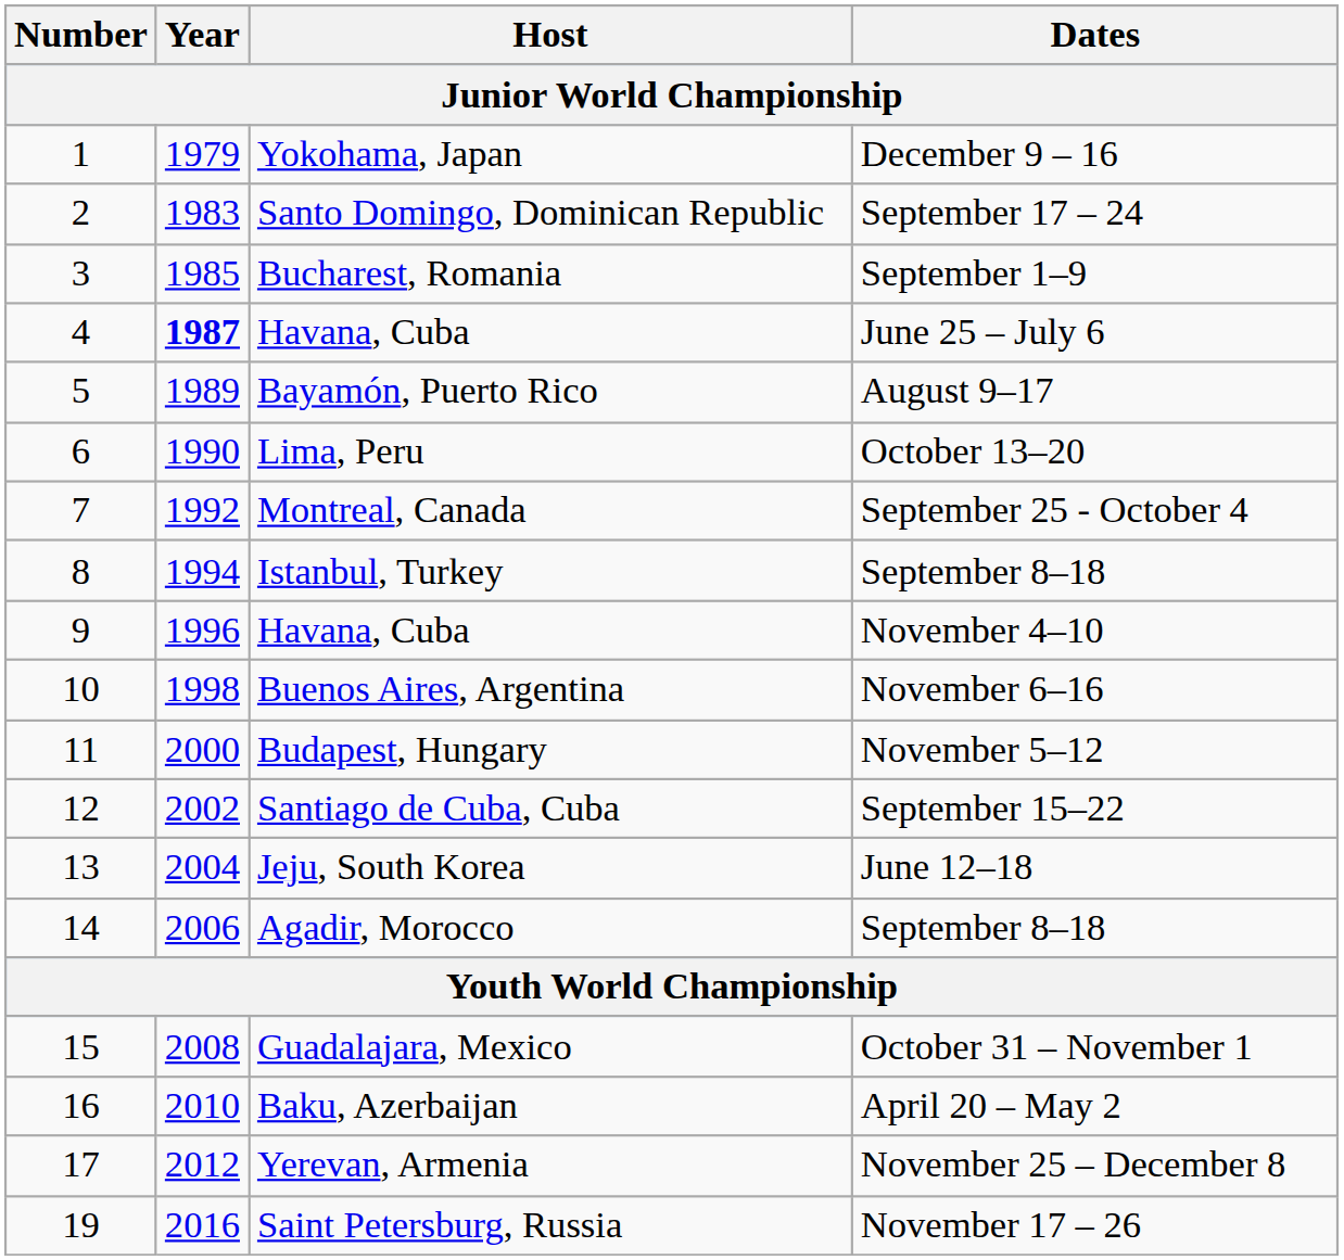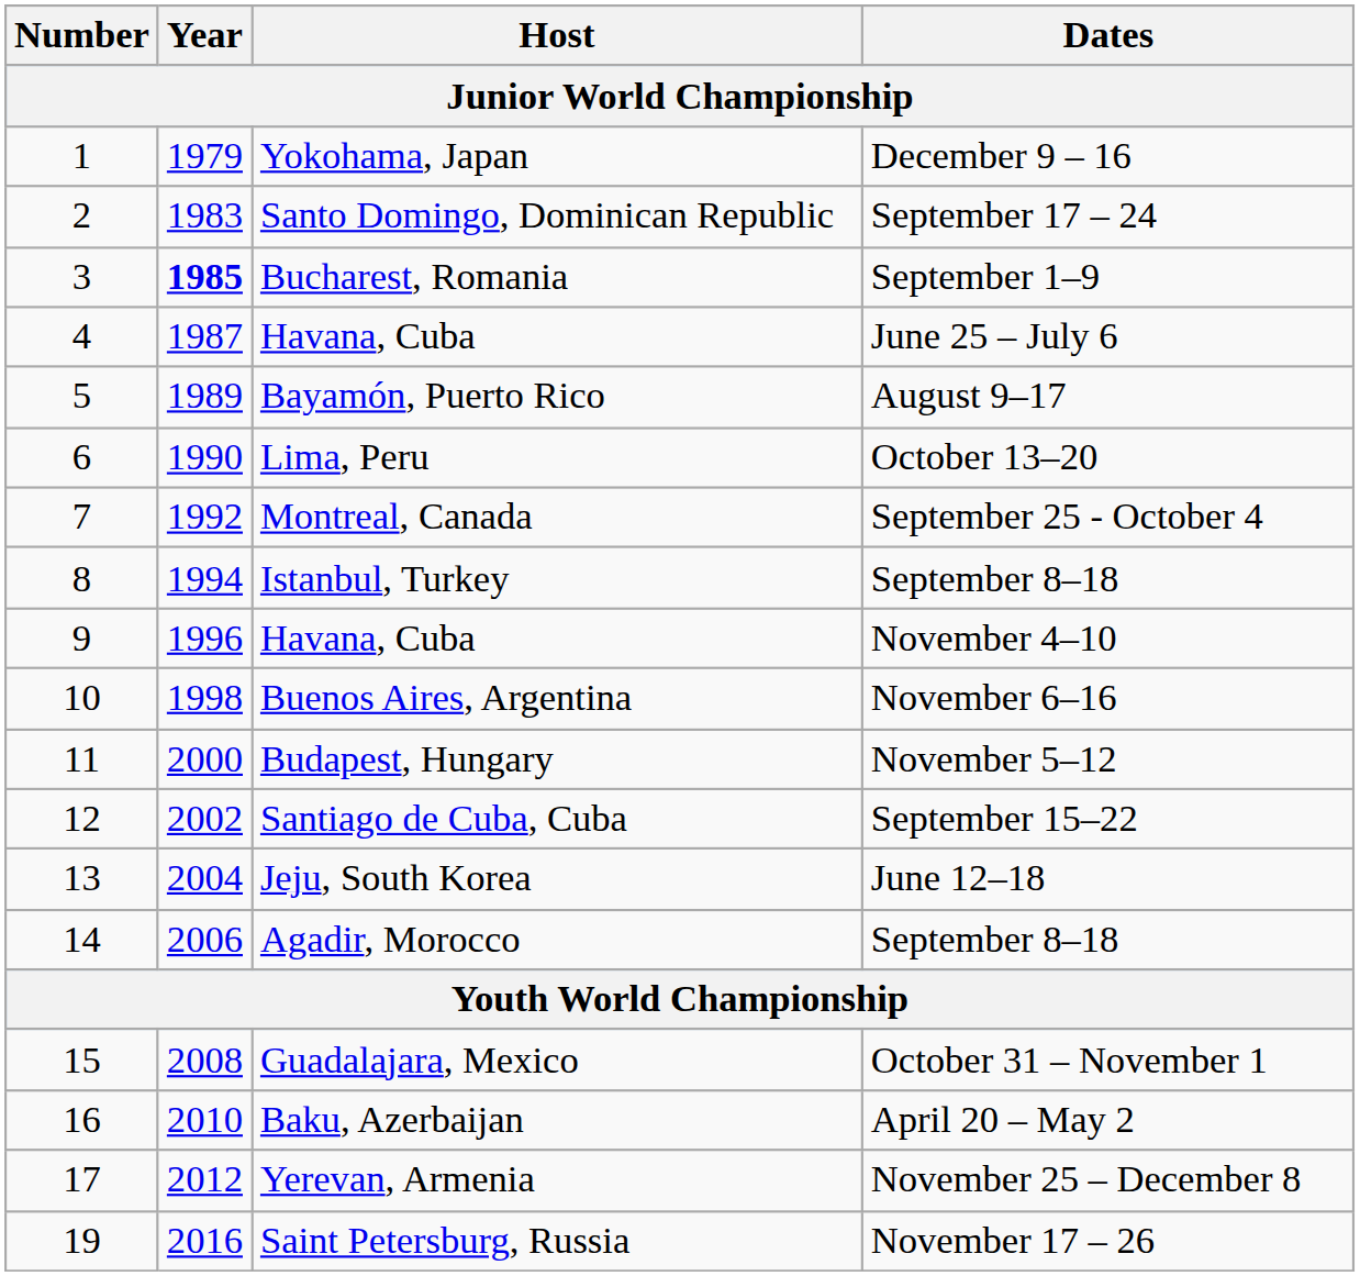 <table class="wikitable">
 <tr>
 <th width=20>Number</th>
 <th width=20>Year</th>
 <th width=250>Host</th>
 <th width=200>Dates</th>
 </tr>
 <tr style="background:#9acdff;">
 <th colspan=5>Junior World Championship</th>
 </tr>
 <tr>
 <td align=center>1</td>
 <td><a href='#'>1979</a></td>
 <td> <a href='#'>Yokohama</a>, Japan</td>
 <td>December 9 – 16</td>
 </tr>
 <tr>
 <td align=center>2</td>
 <td><a href='#'>1983</a></td>
 <td> <a href='#'>Santo Domingo</a>, Dominican Republic</td>
 <td>September 17 – 24</td>
 </tr>
 <tr>
 <td align=center>3</td>
-<td><a href='#'>1985</a></td>
+<td><strong><a href='#'>1985</a></strong></td>
 <td> <a href='#'>Bucharest</a>, Romania</td>
 <td>September 1–9</td>
 </tr>
 <tr>
 <td align=center>4</td>
-<td><strong><a href='#'>1987</a></strong></td>
+<td><a href='#'>1987</a></td>
 <td> <a href='#'>Havana</a>, Cuba</td>
 <td>June 25 – July 6</td>
 </tr>
 <tr>
 <td align=center>5</td>
 <td><a href='#'>1989</a></td>
 <td> <a href='#'>Bayamón</a>, Puerto Rico</td>
 <td>August 9–17</td>
 </tr>
 <tr>
 <td align=center>6</td>
 <td><a href='#'>1990</a></td>
 <td> <a href='#'>Lima</a>, Peru</td>
 <td>October 13–20</td>
 </tr>
 <tr>
 <td align=center>7</td>
 <td><a href='#'>1992</a></td>
 <td> <a href='#'>Montreal</a>, Canada</td>
 <td>September 25 - October 4</td>
 </tr>
 <tr>
 <td align=center>8</td>
 <td><a href='#'>1994</a></td>
 <td> <a href='#'>Istanbul</a>, Turkey</td>
 <td>September 8–18</td>
 </tr>
 <tr>
 <td align=center>9</td>
 <td><a href='#'>1996</a></td>
 <td> <a href='#'>Havana</a>, Cuba</td>
 <td>November 4–10</td>
 </tr>
 <tr>
 <td align=center>10</td>
 <td><a href='#'>1998</a></td>
 <td> <a href='#'>Buenos Aires</a>, Argentina</td>
 <td>November 6–16</td>
 </tr>
 <tr>
 <td align=center>11</td>
 <td><a href='#'>2000</a></td>
 <td> <a href='#'>Budapest</a>, Hungary</td>
 <td>November 5–12</td>
 </tr>
 <tr>
 <td align=center>12</td>
 <td><a href='#'>2002</a></td>
 <td> <a href='#'>Santiago de Cuba</a>, Cuba</td>
 <td>September 15–22</td>
 </tr>
 <tr>
 <td align=center>13</td>
 <td><a href='#'>2004</a></td>
 <td> <a href='#'>Jeju</a>, South Korea</td>
 <td>June 12–18</td>
 </tr>
 <tr>
 <td align=center>14</td>
 <td><a href='#'>2006</a></td>
 <td> <a href='#'>Agadir</a>, Morocco</td>
 <td>September 8–18</td>
 </tr>
 <tr style="background:#9acdff;">
 <th colspan=5>Youth World Championship</th>
 </tr>
 <tr>
 <td align=center>15</td>
 <td><a href='#'>2008</a></td>
 <td> <a href='#'>Guadalajara</a>, Mexico</td>
 <td>October 31 – November 1</td>
 </tr>
 <tr>
 <td align=center>16</td>
 <td><a href='#'>2010</a></td>
 <td> <a href='#'>Baku</a>, Azerbaijan</td>
 <td>April 20 – May 2</td>
 </tr>
 <tr>
 <td align=center>17</td>
 <td><a href='#'>2012</a></td>
 <td> <a href='#'>Yerevan</a>, Armenia</td>
 <td>November 25 – December 8</td>
 </tr>
 <tr>
 <td align=center>19</td>
 <td><a href='#'>2016</a></td>
 <td> <a href='#'>Saint Petersburg</a>, Russia</td>
 <td>November 17 – 26</td>
 </tr>
 </table>
